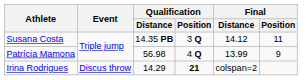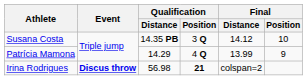 <table class=wikitable style="font-size:90%">
 <tr>
 <th rowspan="2">Athlete</th>
 <th rowspan="2">Event</th>
 <th colspan="2">Qualification</th>
 <th colspan="2">Final</th>
 </tr>
 <tr style="font-size:95%">
 <th>Distance</th>
 <th>Position</th>
 <th>Distance</th>
 <th>Position</th>
 </tr>
 <tr style=text-align:center>
 <td style=text-align:left><a href='#'>Susana Costa</a></td>
 <td style=text-align:left rowspan=2><a href='#'>Triple jump</a></td>
 <td>14.35 <strong>PB</strong></td>
 <td>3 <strong>Q</strong></td>
 <td>14.12</td>
-<td>11</td>
+<td>10</td>
 </tr>
 <tr style=text-align:center>
 <td style=text-align:left><a href='#'>Patrícia Mamona</a></td>
-<td>56.98</td>
+<td>14.29</td>
 <td>4 <strong>Q</strong></td>
 <td>13.99</td>
 <td>9</td>
 </tr>
 <tr style=text-align:center>
 <td style=text-align:left><a href='#'>Irina Rodrigues</a></td>
-<td style=text-align:left><a href='#'>Discus throw</a></td>
-<td>14.29</td>
+<td style=text-align:left><strong><a href='#'>Discus throw</a></strong></td>
+<td>56.98</td>
 <td><strong>21</strong></td>
 <td>colspan=2 </td>
 </tr>
 </table>
